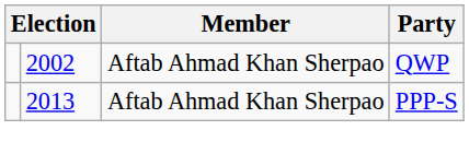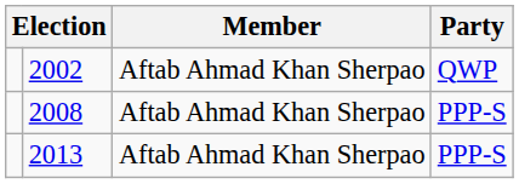 <table class="wikitable">
 <tr>
 <th colspan="2">Election</th>
 <th>Member</th>
 <th>Party</th>
 </tr>
 <tr>
 <td style="background-color: "></td>
 <td><a href='#'>2002</a></td>
 <td>Aftab Ahmad Khan Sherpao</td>
 <td><a href='#'>QWP</a></td>
 </tr>
 <tr>
 <td style="background-color: "></td>
+<td><a href='#'>2008</a></td>
+<td>Aftab Ahmad Khan Sherpao</td>
+<td><a href='#'>PPP-S</a></td>
+</tr>
+<tr>
+<td style="background-color: "></td>
 <td><a href='#'>2013</a></td>
 <td>Aftab Ahmad Khan Sherpao</td>
 <td><a href='#'>PPP-S</a></td>
 </tr>
 </table>
